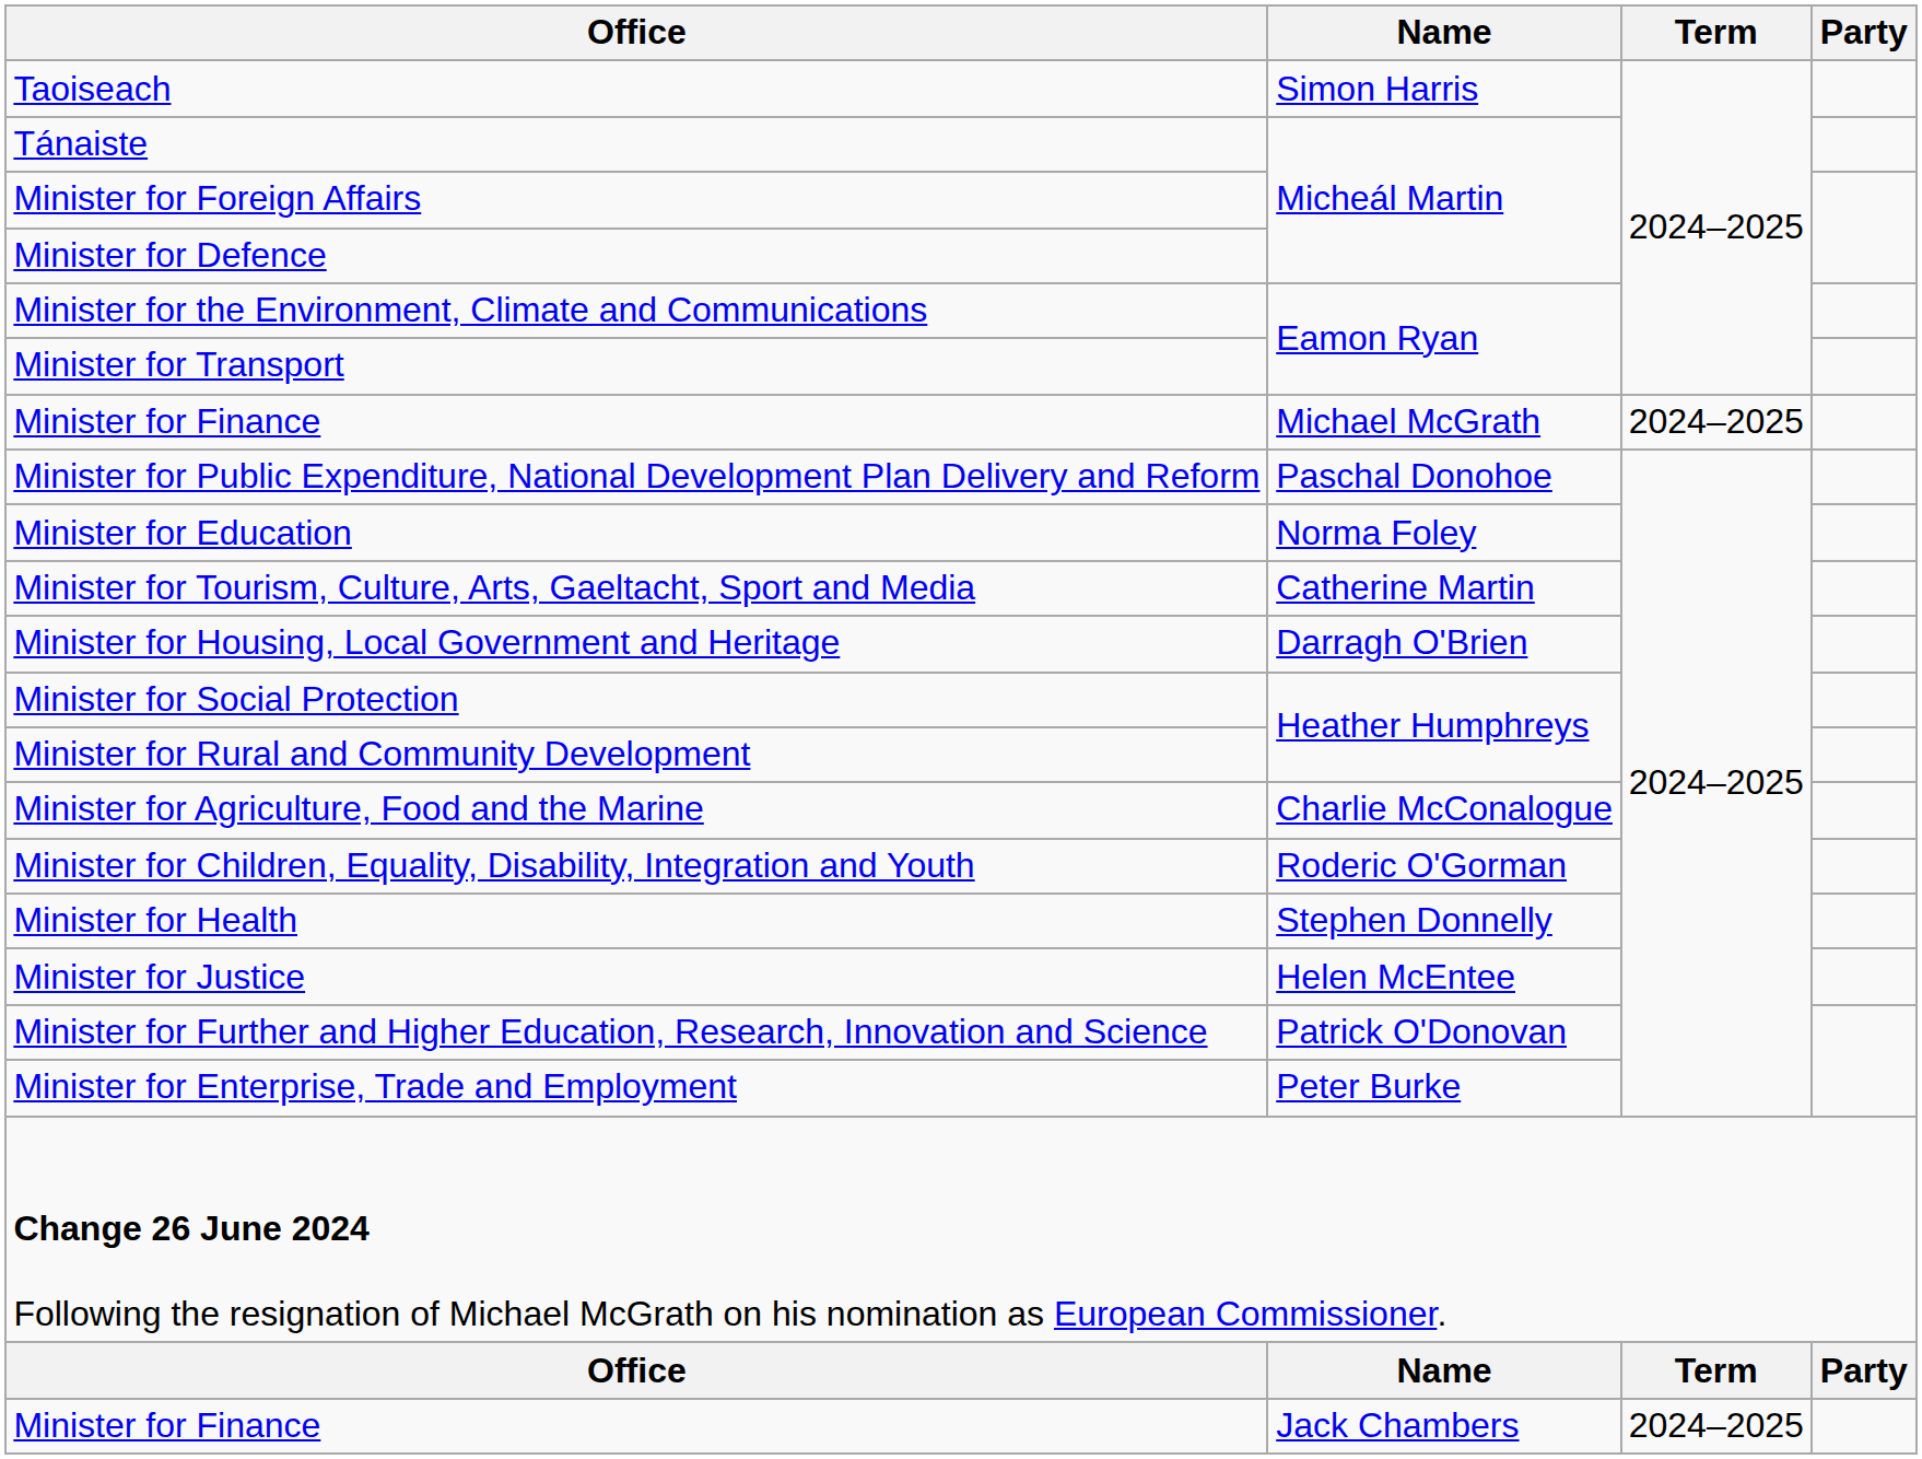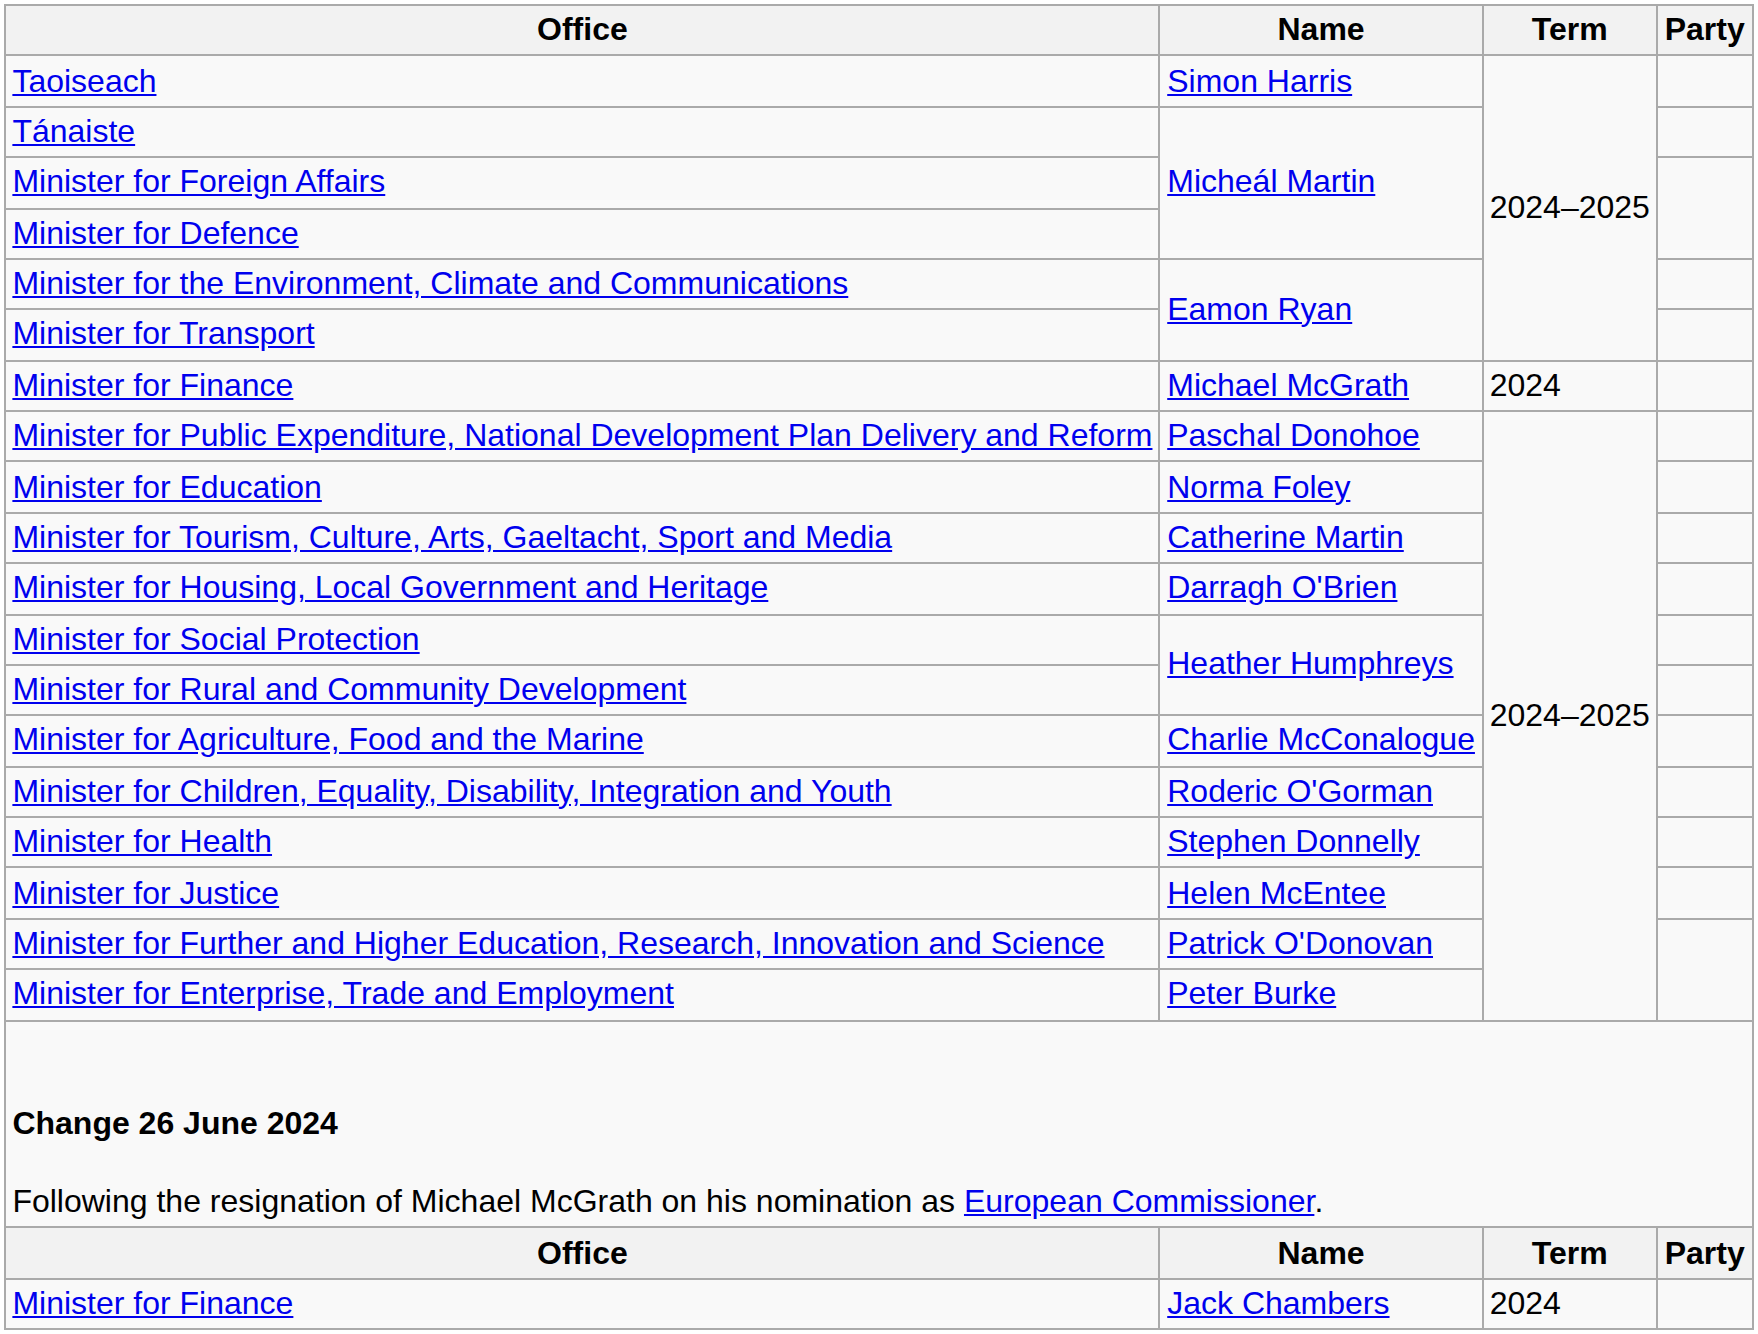 <table class="wikitable">
 <tr>
 <th>Office</th>
 <th>Name</th>
 <th>Term</th>
 <th colspan="2">Party</th>
 </tr>
 <tr>
 <td><a href='#'>Taoiseach</a></td>
 <td><a href='#'>Simon Harris</a></td>
 <td rowspan=6>2024–2025</td>
 <td></td>
 </tr>
 <tr>
 <td><a href='#'>Tánaiste</a></td>
 <td rowspan=3><a href='#'>Micheál Martin</a></td>
 <td></td>
 </tr>
 <tr>
 <td><a href='#'>Minister for Foreign Affairs</a></td>
 </tr>
 <tr>
 <td><a href='#'>Minister for Defence</a></td>
 </tr>
 <tr>
 <td><a href='#'>Minister for the Environment, Climate and Communications</a></td>
 <td rowspan=2><a href='#'>Eamon Ryan</a></td>
 <td></td>
 </tr>
 <tr>
 <td><a href='#'>Minister for Transport</a></td>
 </tr>
 <tr>
 <td><a href='#'>Minister for Finance</a></td>
 <td><a href='#'>Michael McGrath</a></td>
-<td>2024–2025</td>
+<td>2024</td>
 <td></td>
 </tr>
 <tr>
 <td><a href='#'>Minister for Public Expenditure, National Development Plan Delivery and Reform</a></td>
 <td><a href='#'>Paschal Donohoe</a></td>
 <td rowspan=12>2024–2025</td>
 <td></td>
 </tr>
 <tr>
 <td><a href='#'>Minister for Education</a></td>
 <td><a href='#'>Norma Foley</a></td>
 <td></td>
 </tr>
 <tr>
 <td><a href='#'>Minister for Tourism, Culture, Arts, Gaeltacht, Sport and Media</a></td>
 <td><a href='#'>Catherine Martin</a></td>
 <td></td>
 </tr>
 <tr>
 <td><a href='#'>Minister for Housing, Local Government and Heritage</a></td>
 <td><a href='#'>Darragh O'Brien</a></td>
 <td></td>
 </tr>
 <tr>
 <td><a href='#'>Minister for Social Protection</a></td>
 <td rowspan=2><a href='#'>Heather Humphreys</a></td>
 <td></td>
 </tr>
 <tr>
 <td><a href='#'>Minister for Rural and Community Development</a></td>
 </tr>
 <tr>
 <td><a href='#'>Minister for Agriculture, Food and the Marine</a></td>
 <td><a href='#'>Charlie McConalogue</a></td>
 <td></td>
 </tr>
 <tr>
 <td><a href='#'>Minister for Children, Equality, Disability, Integration and Youth</a></td>
 <td><a href='#'>Roderic O'Gorman</a></td>
 <td></td>
 </tr>
 <tr>
 <td><a href='#'>Minister for Health</a></td>
 <td><a href='#'>Stephen Donnelly</a></td>
 <td></td>
 </tr>
 <tr>
 <td><a href='#'>Minister for Justice</a></td>
 <td><a href='#'>Helen McEntee</a></td>
 <td></td>
 </tr>
 <tr>
 <td><a href='#'>Minister for Further and Higher Education, Research, Innovation and Science</a></td>
 <td><a href='#'>Patrick O'Donovan</a></td>
 </tr>
 <tr>
 <td><a href='#'>Minister for Enterprise, Trade and Employment</a></td>
 <td><a href='#'>Peter Burke</a></td>
 </tr>
 <tr>
 <td colspan="5"><br><h4>Change 26 June 2024</h4>Following the resignation of Michael McGrath on his nomination as <a href='#'>European Commissioner</a>.</td>
 </tr>
 <tr>
 <th>Office</th>
 <th>Name</th>
 <th>Term</th>
 <th colspan="2">Party</th>
 </tr>
 <tr>
 <td><a href='#'>Minister for Finance</a></td>
 <td><a href='#'>Jack Chambers</a></td>
-<td>2024–2025</td>
+<td>2024</td>
 <td></td>
 </tr>
 </table>
